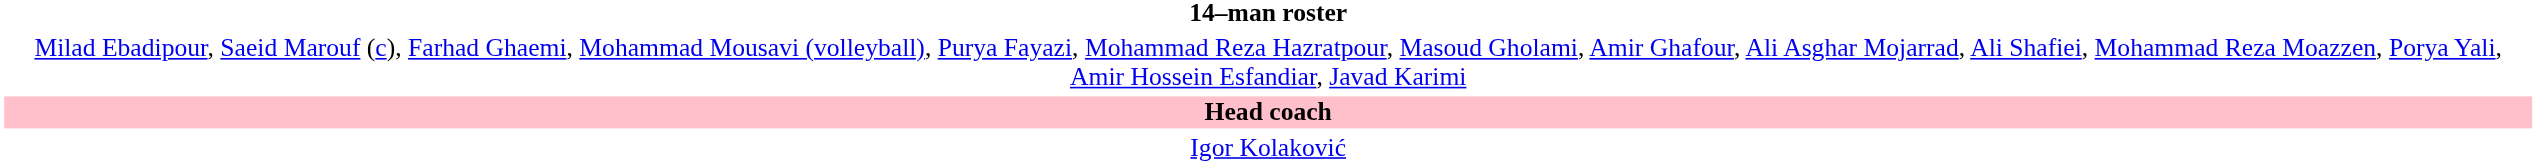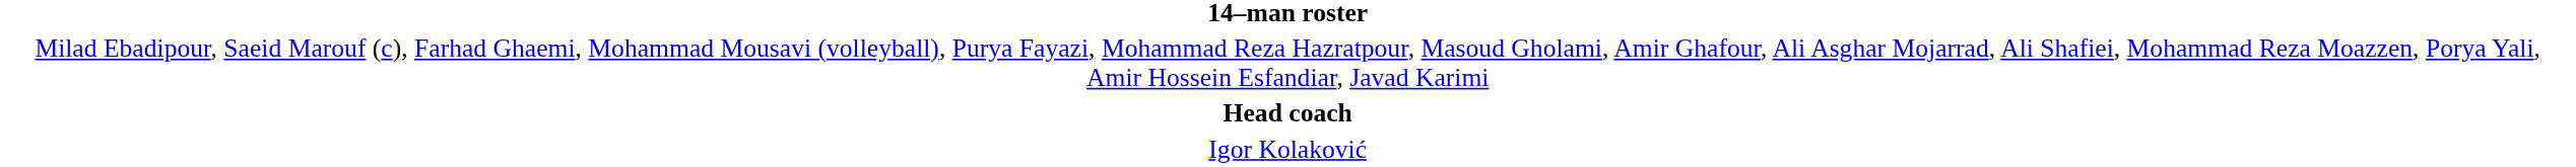 <table style="text-align:center; margin-top:2em; margin-left:auto; margin-right:auto">
 <tr>
 <td><strong>14–man roster</strong></td>
 </tr>
 <tr>
 <td><a href='#'>Milad Ebadipour</a>, <a href='#'>Saeid Marouf</a> (<a href='#'>c</a>), <a href='#'>Farhad Ghaemi</a>, <a href='#'>Mohammad Mousavi (volleyball)</a>, <a href='#'>Purya Fayazi</a>, <a href='#'>Mohammad Reza Hazratpour</a>, <a href='#'>Masoud Gholami</a>, <a href='#'>Amir Ghafour</a>, <a href='#'>Ali Asghar Mojarrad</a>, <a href='#'>Ali Shafiei</a>, <a href='#'>Mohammad Reza Moazzen</a>, <a href='#'>Porya Yali</a>, <a href='#'>Amir Hossein Esfandiar</a>, <a href='#'>Javad Karimi</a></td>
 </tr>
 <tr>
-<td style="background: pink;"><strong>Head coach</strong></td>
+<td><strong>Head coach</strong></td>
 </tr>
 <tr>
 <td><a href='#'>Igor Kolaković</a></td>
 </tr>
 </table>
